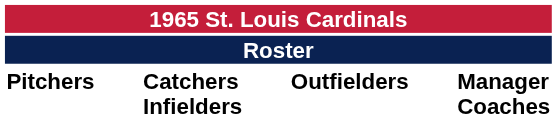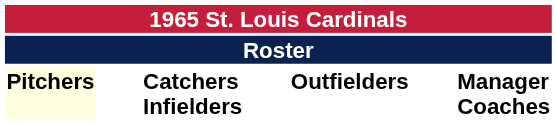 <table class="toccolours" style="font-size: 95%;">
 <tr>
 <th colspan="10" style="background-color: #c41e3a; color: white; text-align: center;">1965 St. Louis Cardinals</th>
 </tr>
 <tr>
 <td colspan="10" style="background-color: #0a2252; color: white; text-align: center;"><strong>Roster</strong></td>
 </tr>
 <tr>
-<td valign="top"><strong>Pitchers</strong><br>              </td>
+<td valign="top" style="background: lightyellow;"><strong>Pitchers</strong><br>              </td>
 <td width="25px"></td>
 <td valign="top"><strong>Catchers</strong><br>   <strong>Infielders</strong>         </td>
 <td width="25px"></td>
 <td valign="top"><strong>Outfielders</strong><br>       </td>
 <td width="25px"></td>
 <td valign="top"><strong>Manager</strong><br> <strong>Coaches</strong>    </td>
 </tr>
 </table>
